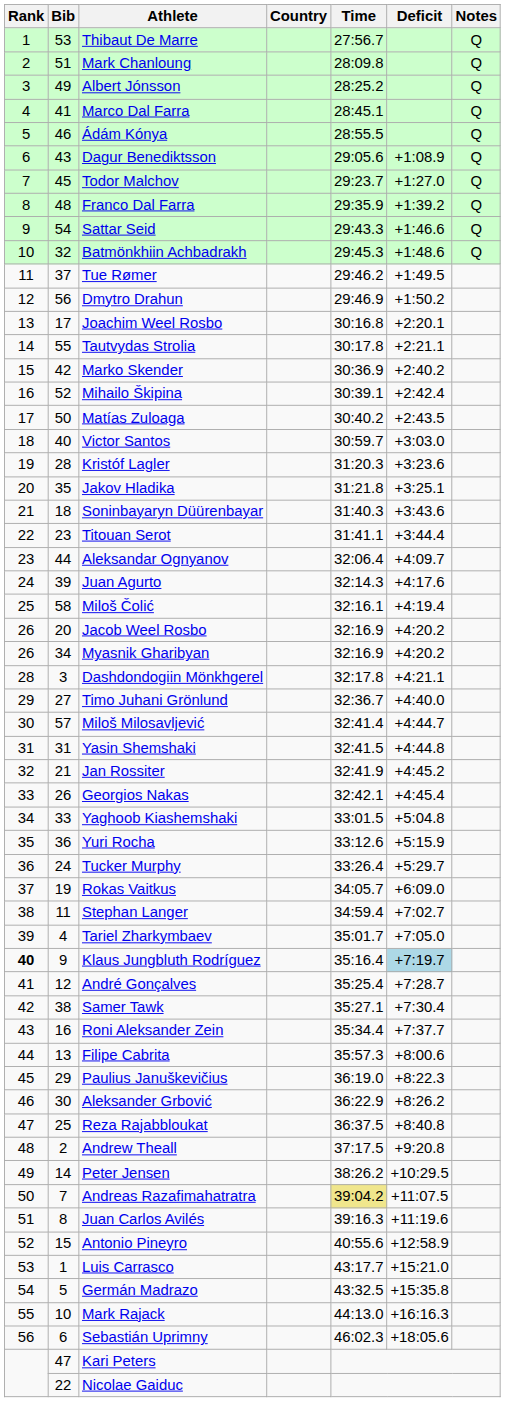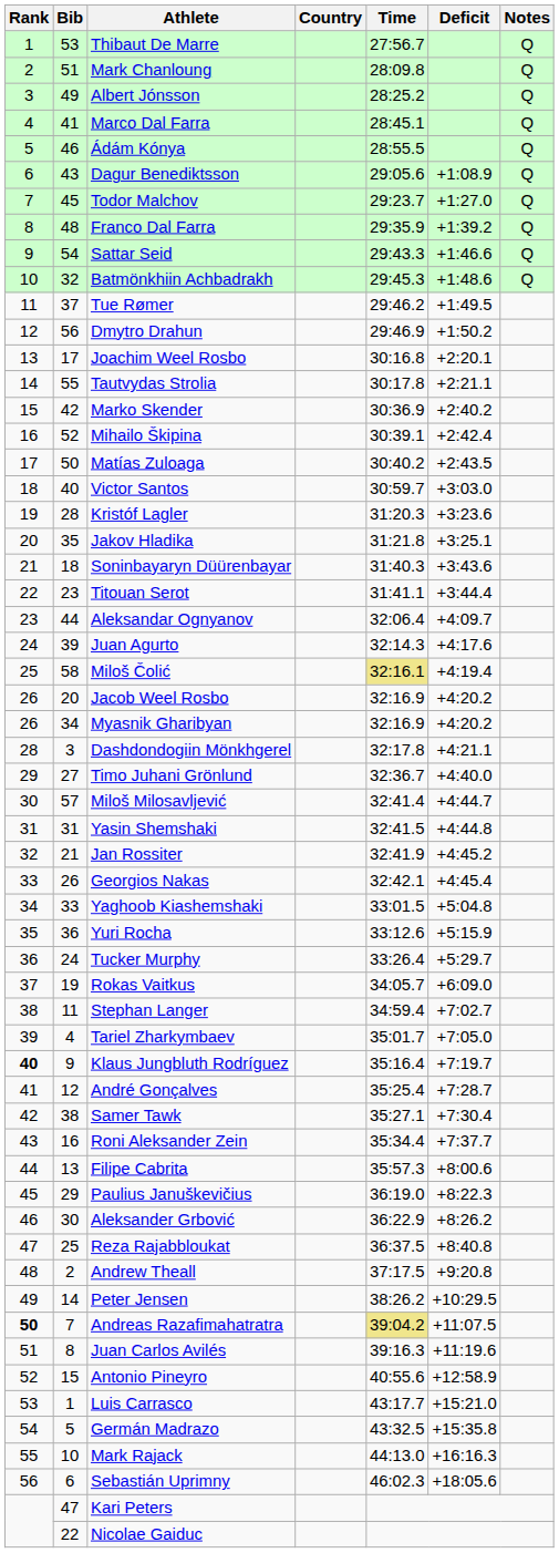 <table class="wikitable sortable" style="text-align:center">
 <tr>
 <th>Rank</th>
 <th>Bib</th>
 <th>Athlete</th>
 <th>Country</th>
 <th>Time</th>
 <th>Deficit</th>
 <th>Notes</th>
 </tr>
 <tr bgcolor=ccffcc>
 <td>1</td>
 <td>53</td>
 <td align=left><a href='#'>Thibaut De Marre</a></td>
 <td align=left></td>
 <td>27:56.7</td>
 <td></td>
 <td>Q</td>
 </tr>
 <tr bgcolor=ccffcc>
 <td>2</td>
 <td>51</td>
 <td align=left><a href='#'>Mark Chanloung</a></td>
 <td align=left></td>
 <td>28:09.8</td>
 <td></td>
 <td>Q</td>
 </tr>
 <tr bgcolor=ccffcc>
 <td>3</td>
 <td>49</td>
 <td align=left><a href='#'>Albert Jónsson</a></td>
 <td align=left></td>
 <td>28:25.2</td>
 <td></td>
 <td>Q</td>
 </tr>
 <tr bgcolor=ccffcc>
 <td>4</td>
 <td>41</td>
 <td align=left><a href='#'>Marco Dal Farra</a></td>
 <td align=left></td>
 <td>28:45.1</td>
 <td></td>
 <td>Q</td>
 </tr>
 <tr bgcolor=ccffcc>
 <td>5</td>
 <td>46</td>
 <td align=left><a href='#'>Ádám Kónya</a></td>
 <td align=left></td>
 <td>28:55.5</td>
 <td></td>
 <td>Q</td>
 </tr>
 <tr bgcolor=ccffcc>
 <td>6</td>
 <td>43</td>
 <td align=left><a href='#'>Dagur Benediktsson</a></td>
 <td align=left></td>
 <td>29:05.6</td>
 <td>+1:08.9</td>
 <td>Q</td>
 </tr>
 <tr bgcolor=ccffcc>
 <td>7</td>
 <td>45</td>
 <td align=left><a href='#'>Todor Malchov</a></td>
 <td align=left></td>
 <td>29:23.7</td>
 <td>+1:27.0</td>
 <td>Q</td>
 </tr>
 <tr bgcolor=ccffcc>
 <td>8</td>
 <td>48</td>
 <td align=left><a href='#'>Franco Dal Farra</a></td>
 <td align=left></td>
 <td>29:35.9</td>
 <td>+1:39.2</td>
 <td>Q</td>
 </tr>
 <tr bgcolor=ccffcc>
 <td>9</td>
 <td>54</td>
 <td align=left><a href='#'>Sattar Seid</a></td>
 <td align=left></td>
 <td>29:43.3</td>
 <td>+1:46.6</td>
 <td>Q</td>
 </tr>
 <tr bgcolor=ccffcc>
 <td>10</td>
 <td>32</td>
 <td align=left><a href='#'>Batmönkhiin Achbadrakh</a></td>
 <td align=left></td>
 <td>29:45.3</td>
 <td>+1:48.6</td>
 <td>Q</td>
 </tr>
 <tr>
 <td>11</td>
 <td>37</td>
 <td align=left><a href='#'>Tue Rømer</a></td>
 <td align=left></td>
 <td>29:46.2</td>
 <td>+1:49.5</td>
 <td></td>
 </tr>
 <tr>
 <td>12</td>
 <td>56</td>
 <td align=left><a href='#'>Dmytro Drahun</a></td>
 <td align=left></td>
 <td>29:46.9</td>
 <td>+1:50.2</td>
 <td></td>
 </tr>
 <tr>
 <td>13</td>
 <td>17</td>
 <td align=left><a href='#'>Joachim Weel Rosbo</a></td>
 <td align=left></td>
 <td>30:16.8</td>
 <td>+2:20.1</td>
 <td></td>
 </tr>
 <tr>
 <td>14</td>
 <td>55</td>
 <td align=left><a href='#'>Tautvydas Strolia</a></td>
 <td align=left></td>
 <td>30:17.8</td>
 <td>+2:21.1</td>
 <td></td>
 </tr>
 <tr>
 <td>15</td>
 <td>42</td>
 <td align=left><a href='#'>Marko Skender</a></td>
 <td align=left></td>
 <td>30:36.9</td>
 <td>+2:40.2</td>
 <td></td>
 </tr>
 <tr>
 <td>16</td>
 <td>52</td>
 <td align=left><a href='#'>Mihailo Škipina</a></td>
 <td align=left></td>
 <td>30:39.1</td>
 <td>+2:42.4</td>
 <td></td>
 </tr>
 <tr>
 <td>17</td>
 <td>50</td>
 <td align=left><a href='#'>Matías Zuloaga</a></td>
 <td align=left></td>
 <td>30:40.2</td>
 <td>+2:43.5</td>
 <td></td>
 </tr>
 <tr>
 <td>18</td>
 <td>40</td>
 <td align=left><a href='#'>Victor Santos</a></td>
 <td align=left></td>
 <td>30:59.7</td>
 <td>+3:03.0</td>
 <td></td>
 </tr>
 <tr>
 <td>19</td>
 <td>28</td>
 <td align=left><a href='#'>Kristóf Lagler</a></td>
 <td align=left></td>
 <td>31:20.3</td>
 <td>+3:23.6</td>
 <td></td>
 </tr>
 <tr>
 <td>20</td>
 <td>35</td>
 <td align=left><a href='#'>Jakov Hladika</a></td>
 <td align=left></td>
 <td>31:21.8</td>
 <td>+3:25.1</td>
 <td></td>
 </tr>
 <tr>
 <td>21</td>
 <td>18</td>
 <td align=left><a href='#'>Soninbayaryn Düürenbayar</a></td>
 <td align=left></td>
 <td>31:40.3</td>
 <td>+3:43.6</td>
 <td></td>
 </tr>
 <tr>
 <td>22</td>
 <td>23</td>
 <td align=left><a href='#'>Titouan Serot</a></td>
 <td align=left></td>
 <td>31:41.1</td>
 <td>+3:44.4</td>
 <td></td>
 </tr>
 <tr>
 <td>23</td>
 <td>44</td>
 <td align=left><a href='#'>Aleksandar Ognyanov</a></td>
 <td align=left></td>
 <td>32:06.4</td>
 <td>+4:09.7</td>
 <td></td>
 </tr>
 <tr>
 <td>24</td>
 <td>39</td>
 <td align=left><a href='#'>Juan Agurto</a></td>
 <td align=left></td>
 <td>32:14.3</td>
 <td>+4:17.6</td>
 <td></td>
 </tr>
 <tr>
 <td>25</td>
 <td>58</td>
 <td align=left><a href='#'>Miloš Čolić</a></td>
 <td align=left></td>
-<td>32:16.1</td>
+<td style="background: khaki;">32:16.1</td>
 <td>+4:19.4</td>
 <td></td>
 </tr>
 <tr>
 <td>26</td>
 <td>20</td>
 <td align=left><a href='#'>Jacob Weel Rosbo</a></td>
 <td align=left></td>
 <td>32:16.9</td>
 <td>+4:20.2</td>
 <td></td>
 </tr>
 <tr>
 <td>26</td>
 <td>34</td>
 <td align=left><a href='#'>Myasnik Gharibyan</a></td>
 <td align=left></td>
 <td>32:16.9</td>
 <td>+4:20.2</td>
 <td></td>
 </tr>
 <tr>
 <td>28</td>
 <td>3</td>
 <td align=left><a href='#'>Dashdondogiin Mönkhgerel</a></td>
 <td align=left></td>
 <td>32:17.8</td>
 <td>+4:21.1</td>
 <td></td>
 </tr>
 <tr>
 <td>29</td>
 <td>27</td>
 <td align=left><a href='#'>Timo Juhani Grönlund</a></td>
 <td align=left></td>
 <td>32:36.7</td>
 <td>+4:40.0</td>
 <td></td>
 </tr>
 <tr>
 <td>30</td>
 <td>57</td>
 <td align=left><a href='#'>Miloš Milosavljević</a></td>
 <td align=left></td>
 <td>32:41.4</td>
 <td>+4:44.7</td>
 <td></td>
 </tr>
 <tr>
 <td>31</td>
 <td>31</td>
 <td align=left><a href='#'>Yasin Shemshaki</a></td>
 <td align=left></td>
 <td>32:41.5</td>
 <td>+4:44.8</td>
 <td></td>
 </tr>
 <tr>
 <td>32</td>
 <td>21</td>
 <td align=left><a href='#'>Jan Rossiter</a></td>
 <td align=left></td>
 <td>32:41.9</td>
 <td>+4:45.2</td>
 <td></td>
 </tr>
 <tr>
 <td>33</td>
 <td>26</td>
 <td align=left><a href='#'>Georgios Nakas</a></td>
 <td align=left></td>
 <td>32:42.1</td>
 <td>+4:45.4</td>
 <td></td>
 </tr>
 <tr>
 <td>34</td>
 <td>33</td>
 <td align=left><a href='#'>Yaghoob Kiashemshaki</a></td>
 <td align=left></td>
 <td>33:01.5</td>
 <td>+5:04.8</td>
 <td></td>
 </tr>
 <tr>
 <td>35</td>
 <td>36</td>
 <td align=left><a href='#'>Yuri Rocha</a></td>
 <td align=left></td>
 <td>33:12.6</td>
 <td>+5:15.9</td>
 <td></td>
 </tr>
 <tr>
 <td>36</td>
 <td>24</td>
 <td align=left><a href='#'>Tucker Murphy</a></td>
 <td align=left></td>
 <td>33:26.4</td>
 <td>+5:29.7</td>
 <td></td>
 </tr>
 <tr>
 <td>37</td>
 <td>19</td>
 <td align=left><a href='#'>Rokas Vaitkus</a></td>
 <td align=left></td>
 <td>34:05.7</td>
 <td>+6:09.0</td>
 <td></td>
 </tr>
 <tr>
 <td>38</td>
 <td>11</td>
 <td align=left><a href='#'>Stephan Langer</a></td>
 <td align=left></td>
 <td>34:59.4</td>
 <td>+7:02.7</td>
 <td></td>
 </tr>
 <tr>
 <td>39</td>
 <td>4</td>
 <td align=left><a href='#'>Tariel Zharkymbaev</a></td>
 <td align=left></td>
 <td>35:01.7</td>
 <td>+7:05.0</td>
 <td></td>
 </tr>
 <tr>
 <td><strong>40</strong></td>
 <td>9</td>
 <td align=left><a href='#'>Klaus Jungbluth Rodríguez</a></td>
 <td align=left></td>
 <td>35:16.4</td>
-<td style="background: lightblue;">+7:19.7</td>
+<td>+7:19.7</td>
 <td></td>
 </tr>
 <tr>
 <td>41</td>
 <td>12</td>
 <td align=left><a href='#'>André Gonçalves</a></td>
 <td align=left></td>
 <td>35:25.4</td>
 <td>+7:28.7</td>
 <td></td>
 </tr>
 <tr>
 <td>42</td>
 <td>38</td>
 <td align=left><a href='#'>Samer Tawk</a></td>
 <td align=left></td>
 <td>35:27.1</td>
 <td>+7:30.4</td>
 <td></td>
 </tr>
 <tr>
 <td>43</td>
 <td>16</td>
 <td align=left><a href='#'>Roni Aleksander Zein</a></td>
 <td align=left></td>
 <td>35:34.4</td>
 <td>+7:37.7</td>
 <td></td>
 </tr>
 <tr>
 <td>44</td>
 <td>13</td>
 <td align=left><a href='#'>Filipe Cabrita</a></td>
 <td align=left></td>
 <td>35:57.3</td>
 <td>+8:00.6</td>
 <td></td>
 </tr>
 <tr>
 <td>45</td>
 <td>29</td>
 <td align=left><a href='#'>Paulius Januškevičius</a></td>
 <td align=left></td>
 <td>36:19.0</td>
 <td>+8:22.3</td>
 <td></td>
 </tr>
 <tr>
 <td>46</td>
 <td>30</td>
 <td align=left><a href='#'>Aleksander Grbović</a></td>
 <td align=left></td>
 <td>36:22.9</td>
 <td>+8:26.2</td>
 <td></td>
 </tr>
 <tr>
 <td>47</td>
 <td>25</td>
 <td align=left><a href='#'>Reza Rajabbloukat</a></td>
 <td align=left></td>
 <td>36:37.5</td>
 <td>+8:40.8</td>
 <td></td>
 </tr>
 <tr>
 <td>48</td>
 <td>2</td>
 <td align=left><a href='#'>Andrew Theall</a></td>
 <td align=left></td>
 <td>37:17.5</td>
 <td>+9:20.8</td>
 <td></td>
 </tr>
 <tr>
 <td>49</td>
 <td>14</td>
 <td align=left><a href='#'>Peter Jensen</a></td>
 <td align=left></td>
 <td>38:26.2</td>
 <td>+10:29.5</td>
 <td></td>
 </tr>
 <tr>
-<td>50</td>
+<td><strong>50</strong></td>
 <td>7</td>
 <td align=left><a href='#'>Andreas Razafimahatratra</a></td>
 <td align=left></td>
 <td style="background: khaki;">39:04.2</td>
 <td>+11:07.5</td>
 <td></td>
 </tr>
 <tr>
 <td>51</td>
 <td>8</td>
 <td align=left><a href='#'>Juan Carlos Avilés</a></td>
 <td align=left></td>
 <td>39:16.3</td>
 <td>+11:19.6</td>
 <td></td>
 </tr>
 <tr>
 <td>52</td>
 <td>15</td>
 <td align=left><a href='#'>Antonio Pineyro</a></td>
 <td align=left></td>
 <td>40:55.6</td>
 <td>+12:58.9</td>
 <td></td>
 </tr>
 <tr>
 <td>53</td>
 <td>1</td>
 <td align=left><a href='#'>Luis Carrasco</a></td>
 <td align=left></td>
 <td>43:17.7</td>
 <td>+15:21.0</td>
 <td></td>
 </tr>
 <tr>
 <td>54</td>
 <td>5</td>
 <td align=left><a href='#'>Germán Madrazo</a></td>
 <td align=left></td>
 <td>43:32.5</td>
 <td>+15:35.8</td>
 <td></td>
 </tr>
 <tr>
 <td>55</td>
 <td>10</td>
 <td align=left><a href='#'>Mark Rajack</a></td>
 <td align=left></td>
 <td>44:13.0</td>
 <td>+16:16.3</td>
 <td></td>
 </tr>
 <tr>
 <td>56</td>
 <td>6</td>
 <td align=left><a href='#'>Sebastián Uprimny</a></td>
 <td align=left></td>
 <td>46:02.3</td>
 <td>+18:05.6</td>
 <td></td>
 </tr>
 <tr>
 <td rowspan=2></td>
 <td>47</td>
 <td align=left><a href='#'>Kari Peters</a></td>
 <td align=left></td>
 <td colspan=3></td>
 </tr>
 <tr>
 <td>22</td>
 <td align=left><a href='#'>Nicolae Gaiduc</a></td>
 <td align=left></td>
 <td colspan=3></td>
 </tr>
 </table>
